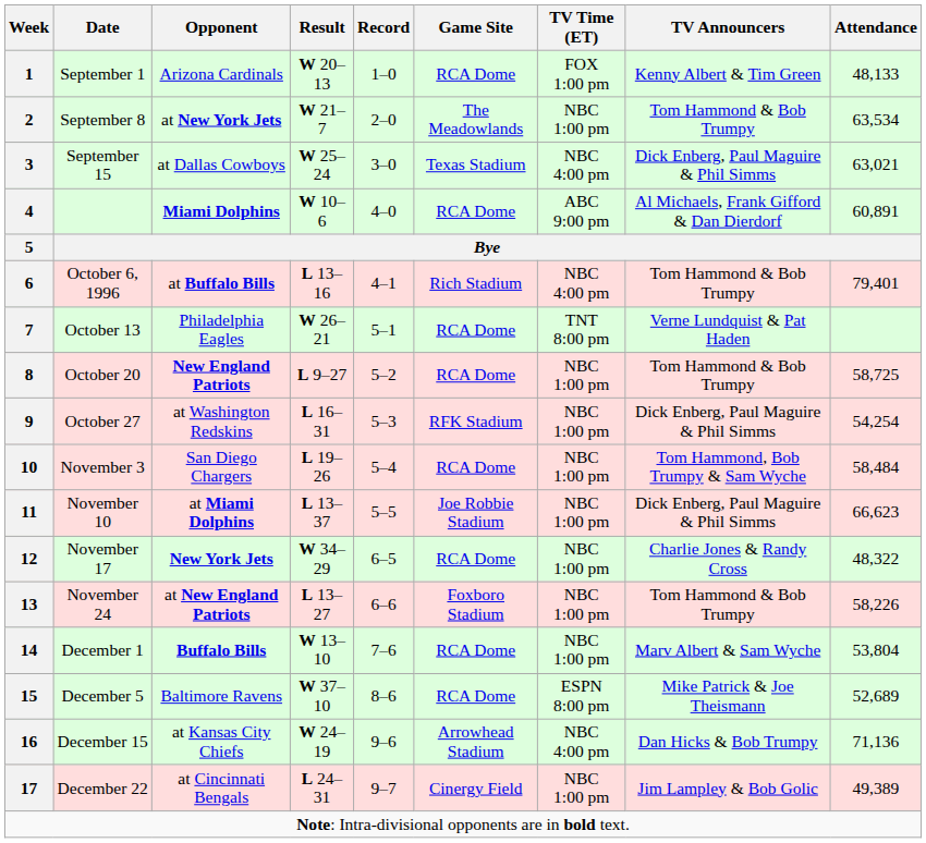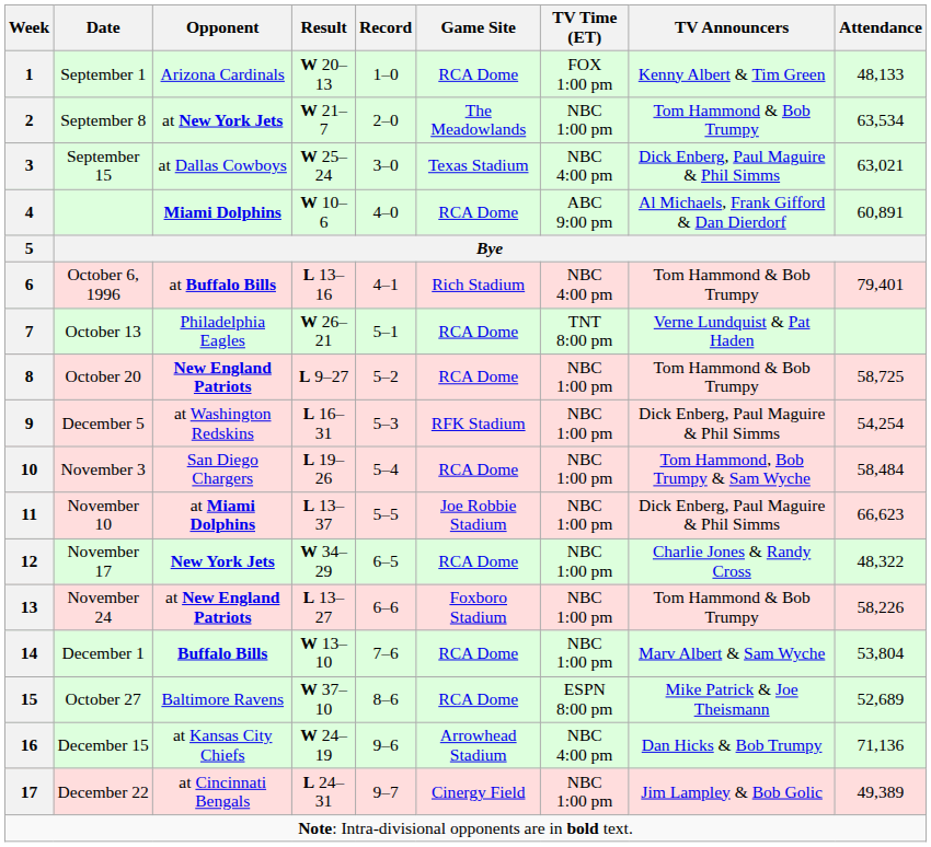 <table class="wikitable" style="text-align:center;">
 <tr>
 <th>Week</th>
 <th>Date</th>
 <th>Opponent</th>
 <th>Result</th>
 <th>Record</th>
 <th>Game Site</th>
 <th>TV Time (ET)</th>
 <th>TV Announcers</th>
 <th>Attendance</th>
 </tr>
 <tr bgcolor="#ddffdd">
 <th>1</th>
 <td>September 1</td>
 <td><a href='#'>Arizona Cardinals</a></td>
 <td><strong>W</strong> 20–13</td>
 <td>1–0</td>
 <td><a href='#'>RCA Dome</a></td>
 <td>FOX 1:00 pm</td>
 <td><a href='#'>Kenny Albert</a> & <a href='#'>Tim Green</a></td>
 <td>48,133</td>
 </tr>
 <tr bgcolor="#ddffdd">
 <th>2</th>
 <td>September 8</td>
 <td>at <strong><a href='#'>New York Jets</a></strong></td>
 <td><strong>W</strong> 21–7</td>
 <td>2–0</td>
 <td><a href='#'>The Meadowlands</a></td>
 <td>NBC 1:00 pm</td>
 <td><a href='#'>Tom Hammond</a> & <a href='#'>Bob Trumpy</a></td>
 <td>63,534</td>
 </tr>
 <tr bgcolor="#ddffdd">
 <th>3</th>
 <td>September 15</td>
 <td>at <a href='#'>Dallas Cowboys</a></td>
 <td><strong>W</strong> 25–24</td>
 <td>3–0</td>
 <td><a href='#'>Texas Stadium</a></td>
 <td>NBC 4:00 pm</td>
 <td><a href='#'>Dick Enberg</a>, <a href='#'>Paul Maguire</a> & <a href='#'>Phil Simms</a></td>
 <td>63,021</td>
 </tr>
 <tr bgcolor="#ddffdd">
 <th>4</th>
 <td></td>
 <td><strong><a href='#'>Miami Dolphins</a></strong></td>
 <td><strong>W</strong> 10–6</td>
 <td>4–0</td>
 <td><a href='#'>RCA Dome</a></td>
 <td>ABC 9:00 pm</td>
 <td><a href='#'>Al Michaels</a>, <a href='#'>Frank Gifford</a> & <a href='#'>Dan Dierdorf</a></td>
 <td>60,891</td>
 </tr>
 <tr>
 <th>5</th>
 <th colspan="8"><em>Bye</em></th>
 </tr>
 <tr bgcolor="#ffdddd">
 <th>6</th>
 <td>October 6, 1996</td>
 <td>at <strong><a href='#'>Buffalo Bills</a></strong></td>
 <td><strong>L</strong> 13–16 </td>
 <td>4–1</td>
 <td><a href='#'>Rich Stadium</a></td>
 <td>NBC 4:00 pm</td>
 <td>Tom Hammond & Bob Trumpy</td>
 <td>79,401</td>
 </tr>
 <tr bgcolor="#ddffdd">
 <th>7</th>
 <td>October 13</td>
 <td><a href='#'>Philadelphia Eagles</a></td>
 <td><strong>W</strong> 26–21</td>
 <td>5–1</td>
 <td><a href='#'>RCA Dome</a></td>
 <td>TNT 8:00 pm</td>
 <td><a href='#'>Verne Lundquist</a> & <a href='#'>Pat Haden</a></td>
 <td></td>
 </tr>
 <tr bgcolor="#ffdddd">
 <th>8</th>
 <td>October 20</td>
 <td><strong><a href='#'>New England Patriots</a></strong></td>
 <td><strong>L</strong> 9–27</td>
 <td>5–2</td>
 <td><a href='#'>RCA Dome</a></td>
 <td>NBC 1:00 pm</td>
 <td>Tom Hammond & Bob Trumpy</td>
 <td>58,725</td>
 </tr>
 <tr bgcolor="#ffdddd">
 <th>9</th>
-<td>October 27</td>
+<td>December 5</td>
 <td>at <a href='#'>Washington Redskins</a></td>
 <td><strong>L</strong> 16–31</td>
 <td>5–3</td>
 <td><a href='#'>RFK Stadium</a></td>
 <td>NBC 1:00 pm</td>
 <td>Dick Enberg, Paul Maguire & Phil Simms</td>
 <td>54,254</td>
 </tr>
 <tr bgcolor="#ffdddd">
 <th>10</th>
 <td>November 3</td>
 <td><a href='#'>San Diego Chargers</a></td>
 <td><strong>L</strong> 19–26</td>
 <td>5–4</td>
 <td><a href='#'>RCA Dome</a></td>
 <td>NBC 1:00 pm</td>
 <td><a href='#'>Tom Hammond</a>, <a href='#'>Bob Trumpy</a> & <a href='#'>Sam Wyche</a></td>
 <td>58,484</td>
 </tr>
 <tr bgcolor="#ffdddd">
 <th>11</th>
 <td>November 10</td>
 <td>at <strong><a href='#'>Miami Dolphins</a></strong></td>
 <td><strong>L</strong> 13–37</td>
 <td>5–5</td>
 <td><a href='#'>Joe Robbie Stadium</a></td>
 <td>NBC 1:00 pm</td>
 <td>Dick Enberg, Paul Maguire & Phil Simms</td>
 <td>66,623</td>
 </tr>
 <tr bgcolor="#ddffdd">
 <th>12</th>
 <td>November 17</td>
 <td><strong><a href='#'>New York Jets</a></strong></td>
 <td><strong>W</strong> 34–29</td>
 <td>6–5</td>
 <td><a href='#'>RCA Dome</a></td>
 <td>NBC 1:00 pm</td>
 <td><a href='#'>Charlie Jones</a> & <a href='#'>Randy Cross</a></td>
 <td>48,322</td>
 </tr>
 <tr bgcolor="#ffdddd">
 <th>13</th>
 <td>November 24</td>
 <td>at <strong><a href='#'>New England Patriots</a></strong></td>
 <td><strong>L</strong> 13–27</td>
 <td>6–6</td>
 <td><a href='#'>Foxboro Stadium</a></td>
 <td>NBC 1:00 pm</td>
 <td>Tom Hammond & Bob Trumpy</td>
 <td>58,226</td>
 </tr>
 <tr bgcolor="#ddffdd">
 <th>14</th>
 <td>December 1</td>
 <td><strong><a href='#'>Buffalo Bills</a></strong></td>
 <td><strong>W</strong> 13–10 </td>
 <td>7–6</td>
 <td><a href='#'>RCA Dome</a></td>
 <td>NBC 1:00 pm</td>
 <td><a href='#'>Marv Albert</a> & <a href='#'>Sam Wyche</a></td>
 <td>53,804</td>
 </tr>
 <tr bgcolor="#ddffdd">
 <th>15</th>
-<td>December 5</td>
+<td>October 27</td>
 <td><a href='#'>Baltimore Ravens</a></td>
 <td><strong>W</strong> 37–10</td>
 <td>8–6</td>
 <td><a href='#'>RCA Dome</a></td>
 <td>ESPN 8:00 pm</td>
 <td><a href='#'>Mike Patrick</a> & <a href='#'>Joe Theismann</a></td>
 <td>52,689</td>
 </tr>
 <tr bgcolor="#ddffdd">
 <th>16</th>
 <td>December 15</td>
 <td>at <a href='#'>Kansas City Chiefs</a></td>
 <td><strong>W</strong> 24–19</td>
 <td>9–6</td>
 <td><a href='#'>Arrowhead Stadium</a></td>
 <td>NBC 4:00 pm</td>
 <td><a href='#'>Dan Hicks</a> & <a href='#'>Bob Trumpy</a></td>
 <td>71,136</td>
 </tr>
 <tr bgcolor="#ffdddd">
 <th>17</th>
 <td>December 22</td>
 <td>at <a href='#'>Cincinnati Bengals</a></td>
 <td><strong>L</strong> 24–31</td>
 <td>9–7</td>
 <td><a href='#'>Cinergy Field</a></td>
 <td>NBC 1:00 pm</td>
 <td><a href='#'>Jim Lampley</a> & <a href='#'>Bob Golic</a></td>
 <td>49,389</td>
 </tr>
 <tr>
 <td colspan="9"><strong>Note</strong>: Intra-divisional opponents are in <strong>bold</strong> text.</td>
 </tr>
 </table>
